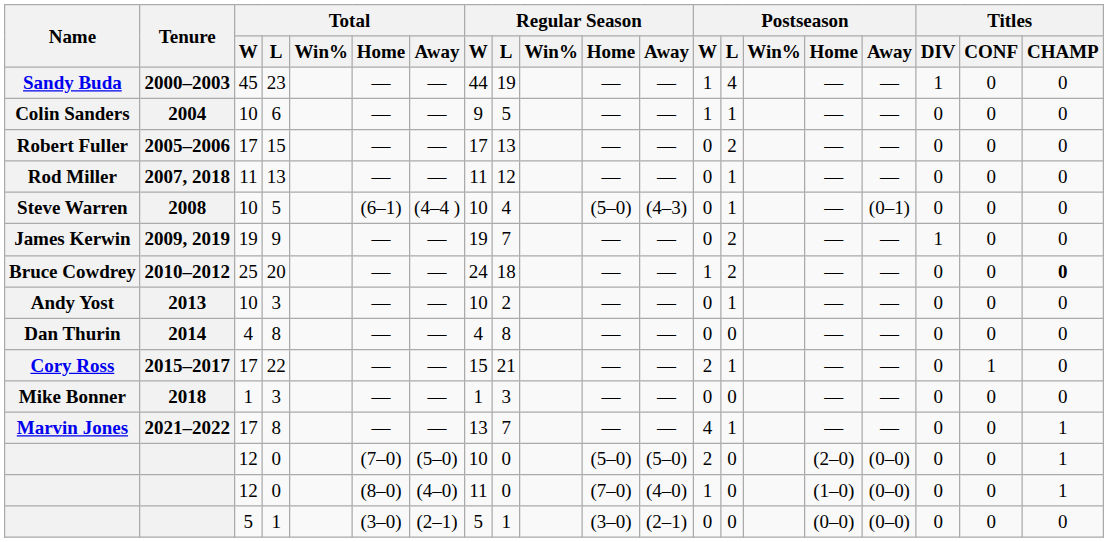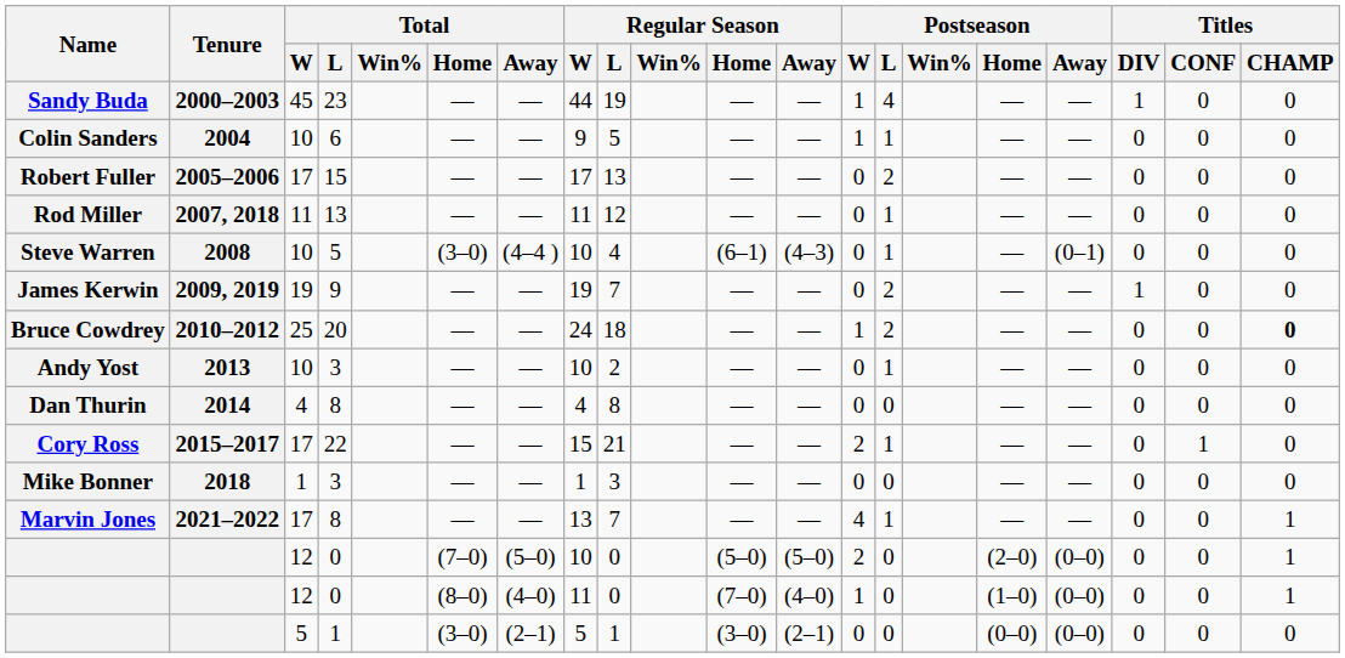 <table class="wikitable" style="font-size: 95%; text-align:center;">
 <tr>
 <th rowspan="2">Name</th>
 <th rowspan="2">Tenure</th>
 <th colspan="5">Total</th>
 <th colspan="5">Regular Season</th>
 <th colspan="5">Postseason</th>
 <th colspan="3">Titles</th>
 </tr>
 <tr>
 <th rowspan="1">W</th>
 <th rowspan="1">L</th>
 <th rowspan="1">Win%</th>
 <th rowspan="1">Home</th>
 <th rowspan="1">Away</th>
 <th rowspan="1">W</th>
 <th rowspan="1">L</th>
 <th rowspan="1">Win%</th>
 <th rowspan="1">Home</th>
 <th rowspan="1">Away</th>
 <th rowspan="1">W</th>
 <th rowspan="1">L</th>
 <th rowspan="1">Win%</th>
 <th rowspan="1">Home</th>
 <th rowspan="1">Away</th>
 <th rowspan="1">DIV</th>
 <th rowspan="1">CONF</th>
 <th rowspan="1">CHAMP</th>
 </tr>
 <tr>
 <th><a href='#'>Sandy Buda</a></th>
 <th>2000–2003</th>
 <td>45</td>
 <td>23</td>
 <td></td>
 <td>—</td>
 <td>—</td>
 <td>44</td>
 <td>19</td>
 <td></td>
 <td>—</td>
 <td>—</td>
 <td>1</td>
 <td>4</td>
 <td></td>
 <td>—</td>
 <td>—</td>
 <td>1</td>
 <td>0</td>
 <td>0</td>
 </tr>
 <tr>
 <th>Colin Sanders</th>
 <th>2004</th>
 <td>10</td>
 <td>6</td>
 <td></td>
 <td>—</td>
 <td>—</td>
 <td>9</td>
 <td>5</td>
 <td></td>
 <td>—</td>
 <td>—</td>
 <td>1</td>
 <td>1</td>
 <td></td>
 <td>—</td>
 <td>—</td>
 <td>0</td>
 <td>0</td>
 <td>0</td>
 </tr>
 <tr>
 <th>Robert Fuller</th>
 <th>2005–2006</th>
 <td>17</td>
 <td>15</td>
 <td></td>
 <td>—</td>
 <td>—</td>
 <td>17</td>
 <td>13</td>
 <td></td>
 <td>—</td>
 <td>—</td>
 <td>0</td>
 <td>2</td>
 <td></td>
 <td>—</td>
 <td>—</td>
 <td>0</td>
 <td>0</td>
 <td>0</td>
 </tr>
 <tr>
 <th>Rod Miller</th>
 <th>2007, 2018</th>
 <td>11</td>
 <td>13</td>
 <td></td>
 <td>—</td>
 <td>—</td>
 <td>11</td>
 <td>12</td>
 <td></td>
 <td>—</td>
 <td>—</td>
 <td>0</td>
 <td>1</td>
 <td></td>
 <td>—</td>
 <td>—</td>
 <td>0</td>
 <td>0</td>
 <td>0</td>
 </tr>
 <tr>
 <th>Steve Warren</th>
 <th>2008</th>
 <td>10</td>
 <td>5</td>
 <td></td>
-<td>(6–1)</td>
+<td>(3–0)</td>
 <td>(4–4 )</td>
 <td>10</td>
 <td>4</td>
 <td></td>
-<td>(5–0)</td>
+<td>(6–1)</td>
 <td>(4–3)</td>
 <td>0</td>
 <td>1</td>
 <td></td>
 <td>—</td>
 <td>(0–1)</td>
 <td>0</td>
 <td>0</td>
 <td>0</td>
 </tr>
 <tr>
 <th>James Kerwin</th>
 <th>2009, 2019</th>
 <td>19</td>
 <td>9</td>
 <td></td>
 <td>—</td>
 <td>—</td>
 <td>19</td>
 <td>7</td>
 <td></td>
 <td>—</td>
 <td>—</td>
 <td>0</td>
 <td>2</td>
 <td></td>
 <td>—</td>
 <td>—</td>
 <td>1</td>
 <td>0</td>
 <td>0</td>
 </tr>
 <tr>
 <th>Bruce Cowdrey</th>
 <th>2010–2012</th>
 <td>25</td>
 <td>20</td>
 <td></td>
 <td>—</td>
 <td>—</td>
 <td>24</td>
 <td>18</td>
 <td></td>
 <td>—</td>
 <td>—</td>
 <td>1</td>
 <td>2</td>
 <td></td>
 <td>—</td>
 <td>—</td>
 <td>0</td>
 <td>0</td>
 <td><strong>0</strong></td>
 </tr>
 <tr>
 <th>Andy Yost</th>
 <th>2013</th>
 <td>10</td>
 <td>3</td>
 <td></td>
 <td>—</td>
 <td>—</td>
 <td>10</td>
 <td>2</td>
 <td></td>
 <td>—</td>
 <td>—</td>
 <td>0</td>
 <td>1</td>
 <td></td>
 <td>—</td>
 <td>—</td>
 <td>0</td>
 <td>0</td>
 <td>0</td>
 </tr>
 <tr>
 <th>Dan Thurin</th>
 <th>2014</th>
 <td>4</td>
 <td>8</td>
 <td></td>
 <td>—</td>
 <td>—</td>
 <td>4</td>
 <td>8</td>
 <td></td>
 <td>—</td>
 <td>—</td>
 <td>0</td>
 <td>0</td>
 <td></td>
 <td>—</td>
 <td>—</td>
 <td>0</td>
 <td>0</td>
 <td>0</td>
 </tr>
 <tr>
 <th><a href='#'>Cory Ross</a></th>
 <th>2015–2017</th>
 <td>17</td>
 <td>22</td>
 <td></td>
 <td>—</td>
 <td>—</td>
 <td>15</td>
 <td>21</td>
 <td></td>
 <td>—</td>
 <td>—</td>
 <td>2</td>
 <td>1</td>
 <td></td>
 <td>—</td>
 <td>—</td>
 <td>0</td>
 <td>1</td>
 <td>0</td>
 </tr>
 <tr>
 <th>Mike Bonner</th>
 <th>2018</th>
 <td>1</td>
 <td>3</td>
 <td></td>
 <td>—</td>
 <td>—</td>
 <td>1</td>
 <td>3</td>
 <td></td>
 <td>—</td>
 <td>—</td>
 <td>0</td>
 <td>0</td>
 <td></td>
 <td>—</td>
 <td>—</td>
 <td>0</td>
 <td>0</td>
 <td>0</td>
 </tr>
 <tr>
 <th><a href='#'>Marvin Jones</a></th>
 <th>2021–2022</th>
 <td>17</td>
 <td>8</td>
 <td></td>
 <td>—</td>
 <td>—</td>
 <td>13</td>
 <td>7</td>
 <td></td>
 <td>—</td>
 <td>—</td>
 <td>4</td>
 <td>1</td>
 <td></td>
 <td>—</td>
 <td>—</td>
 <td>0</td>
 <td>0</td>
 <td>1</td>
 </tr>
 <tr>
 <th></th>
 <th></th>
 <td>12</td>
 <td>0</td>
 <td></td>
 <td>(7–0)</td>
 <td>(5–0)</td>
 <td>10</td>
 <td>0</td>
 <td></td>
 <td>(5–0)</td>
 <td>(5–0)</td>
 <td>2</td>
 <td>0</td>
 <td></td>
 <td>(2–0)</td>
 <td>(0–0)</td>
 <td>0</td>
 <td>0</td>
 <td>1</td>
 </tr>
 <tr>
 <th></th>
 <th></th>
 <td>12</td>
 <td>0</td>
 <td></td>
 <td>(8–0)</td>
 <td>(4–0)</td>
 <td>11</td>
 <td>0</td>
 <td></td>
 <td>(7–0)</td>
 <td>(4–0)</td>
 <td>1</td>
 <td>0</td>
 <td></td>
 <td>(1–0)</td>
 <td>(0–0)</td>
 <td>0</td>
 <td>0</td>
 <td>1</td>
 </tr>
 <tr>
 <th></th>
 <th></th>
 <td>5</td>
 <td>1</td>
 <td></td>
 <td>(3–0)</td>
 <td>(2–1)</td>
 <td>5</td>
 <td>1</td>
 <td></td>
 <td>(3–0)</td>
 <td>(2–1)</td>
 <td>0</td>
 <td>0</td>
 <td></td>
 <td>(0–0)</td>
 <td>(0–0)</td>
 <td>0</td>
 <td>0</td>
 <td>0</td>
 </tr>
 </table>
